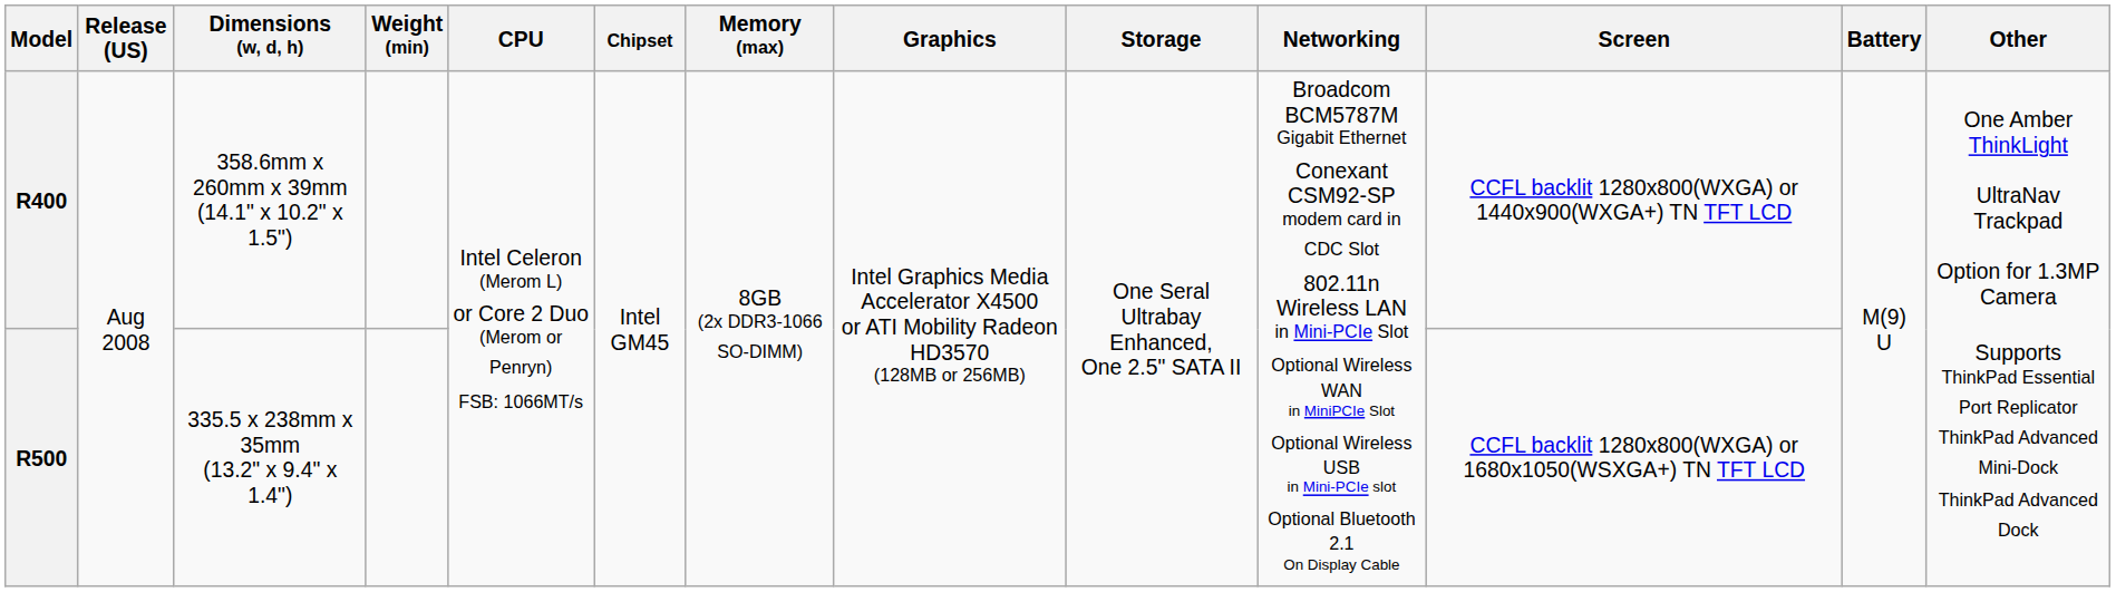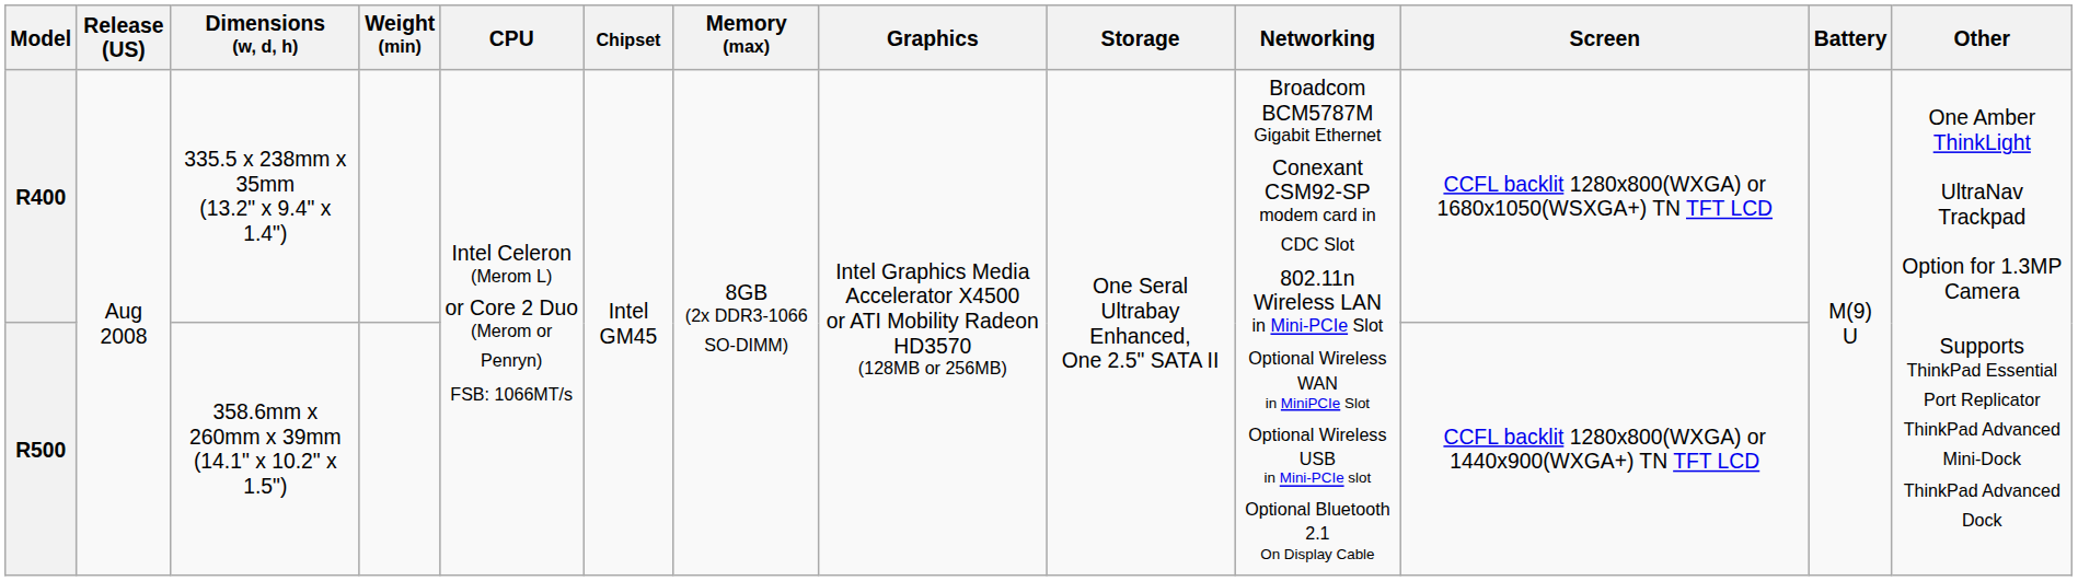 <table class="wikitable" style="font-size:80%; text-align:center">
 <tr>
 <th>Model</th>
 <th>Release<br>(US)</th>
 <th>Dimensions <br><sup>(w, d, h)</sup></th>
 <th>Weight <br><sup>(min)</sup></th>
 <th>CPU</th>
 <th><small>Chipset</small></th>
 <th>Memory <br><sup>(max)</sup></th>
 <th>Graphics</th>
 <th>Storage</th>
 <th>Networking</th>
 <th>Screen</th>
 <th>Battery</th>
 <th>Other</th>
 </tr>
 <tr>
 <th>R400 </th>
 <td rowspan="2">Aug 2008</td>
-<td>358.6mm x 260mm x 39mm <br>(14.1" x 10.2" x 1.5")</td>
+<td>335.5 x 238mm x 35mm <br>(13.2" x 9.4" x 1.4")</td>
 <td></td>
 <td rowspan="2" style="background:">Intel Celeron <br><sup>(Merom L)</sup> <br>or Core 2 Duo <br><sup>(Merom or Penryn)</sup> <br><small>FSB: 1066MT/s</small></td>
 <td rowspan="2">Intel GM45</td>
 <td rowspan="2" style="background:">8GB <br><sup>(2x DDR3-1066 SO-DIMM)</sup></td>
 <td rowspan="2" style="background:">Intel Graphics Media Accelerator X4500 <br>or ATI Mobility Radeon HD3570 <br><sup>(128MB or 256MB)</sup></td>
 <td rowspan="2" style="background:">One Seral Ultrabay Enhanced, <br>One 2.5" SATA II</td>
 <td rowspan="2">Broadcom BCM5787M <br><sup>Gigabit Ethernet</sup> <br>Conexant CSM92-SP <br><sup>modem card in CDC Slot</sup> <br>802.11n Wireless LAN <br><sup>in <a href='#'>Mini-PCIe</a> Slot</sup> <br><small>Optional Wireless WAN <br><sup>in <a href='#'>MiniPCIe</a> Slot</sup></small> <br><small>Optional Wireless USB <br><sup>in <a href='#'>Mini-PCIe</a> slot</sup></small> <br><small>Optional Bluetooth 2.1 <br><sup>On Display Cable</sup></small></td>
-<td style="background:"><a href='#'>CCFL backlit</a> 1280x800(WXGA) or 1440x900(WXGA+) TN <a href='#'>TFT LCD</a></td>
+<td style="background:"><a href='#'>CCFL backlit</a> 1280x800(WXGA) or 1680x1050(WSXGA+) TN <a href='#'>TFT LCD</a></td>
 <td rowspan="2" style="background:">M(9) <br>U</td>
 <td rowspan="2">One Amber <a href='#'>ThinkLight</a> <br><br>UltraNav Trackpad <br><br>Option for 1.3MP Camera <br><br>Supports <sup><br>ThinkPad Essential Port Replicator <br>ThinkPad Advanced Mini-Dock <br>ThinkPad Advanced Dock</sup></td>
 </tr>
 <tr>
 <th>R500 </th>
-<td>335.5 x 238mm x 35mm <br>(13.2" x 9.4" x 1.4")</td>
+<td>358.6mm x 260mm x 39mm <br>(14.1" x 10.2" x 1.5")</td>
 <td></td>
-<td style="background:"><a href='#'>CCFL backlit</a> 1280x800(WXGA) or 1680x1050(WSXGA+) TN <a href='#'>TFT LCD</a></td>
+<td style="background:"><a href='#'>CCFL backlit</a> 1280x800(WXGA) or 1440x900(WXGA+) TN <a href='#'>TFT LCD</a></td>
 </tr>
 </table>
